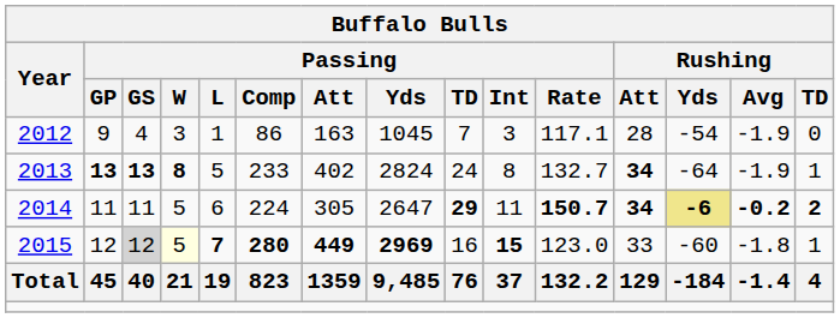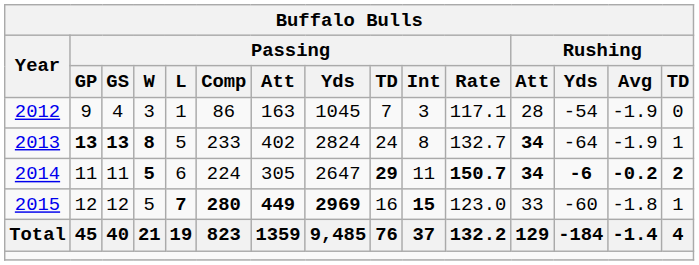 <table class=wikitable style="text-align:center;">
 <tr>
 <th colspan="15"><strong>Buffalo Bulls</strong></th>
 </tr>
 <tr>
 <th rowspan=2>Year</th>
 <th colspan=10>Passing</th>
 <th colspan=4>Rushing</th>
 </tr>
 <tr>
 <th>GP</th>
 <th>GS</th>
 <th>W</th>
 <th>L</th>
 <th>Comp</th>
 <th>Att</th>
 <th>Yds</th>
 <th>TD</th>
 <th>Int</th>
 <th>Rate</th>
 <th>Att</th>
 <th>Yds</th>
 <th>Avg</th>
 <th>TD</th>
 </tr>
 <tr>
 <td><a href='#'>2012</a></td>
 <td>9</td>
 <td>4</td>
 <td>3</td>
 <td>1</td>
 <td>86</td>
 <td>163</td>
 <td>1045</td>
 <td>7</td>
 <td>3</td>
 <td>117.1</td>
 <td>28</td>
 <td>-54</td>
 <td>-1.9</td>
 <td>0</td>
 </tr>
 <tr>
 <td><a href='#'>2013</a></td>
 <td><strong>13</strong></td>
 <td><strong>13</strong></td>
 <td><strong>8</strong></td>
 <td>5</td>
 <td>233</td>
 <td>402</td>
 <td>2824</td>
 <td>24</td>
 <td>8</td>
 <td>132.7</td>
 <td><strong>34</strong></td>
 <td>-64</td>
 <td>-1.9</td>
 <td>1</td>
 </tr>
 <tr>
 <td><a href='#'>2014</a></td>
 <td>11</td>
 <td>11</td>
-<td>5</td>
+<td><strong>5</strong></td>
 <td>6</td>
 <td>224</td>
 <td>305</td>
 <td>2647</td>
 <td><strong>29</strong></td>
 <td>11</td>
 <td><strong>150.7</strong></td>
 <td><strong>34</strong></td>
-<td style="background: khaki;"><strong>-6</strong></td>
+<td><strong>-6</strong></td>
 <td><strong>-0.2</strong></td>
 <td><strong>2</strong></td>
 </tr>
 <tr>
 <td><a href='#'>2015</a></td>
 <td>12</td>
-<td style="background: lightgrey;">12</td>
-<td style="background: lightyellow;">5</td>
+<td>12</td>
+<td>5</td>
 <td><strong>7</strong></td>
 <td><strong>280</strong></td>
 <td><strong>449</strong></td>
 <td><strong>2969</strong></td>
 <td>16</td>
 <td><strong>15</strong></td>
 <td>123.0</td>
 <td>33</td>
 <td>-60</td>
 <td>-1.8</td>
 <td>1</td>
 </tr>
 <tr>
 <th>Total</th>
 <th>45</th>
 <th>40</th>
 <th>21</th>
 <th>19</th>
 <th>823</th>
 <th>1359</th>
 <th>9,485</th>
 <th>76</th>
 <th>37</th>
 <th>132.2</th>
 <th>129</th>
 <th>-184</th>
 <th>-1.4</th>
 <th>4</th>
 </tr>
 <tr>
 <td colspan=16></td>
 </tr>
 </table>
